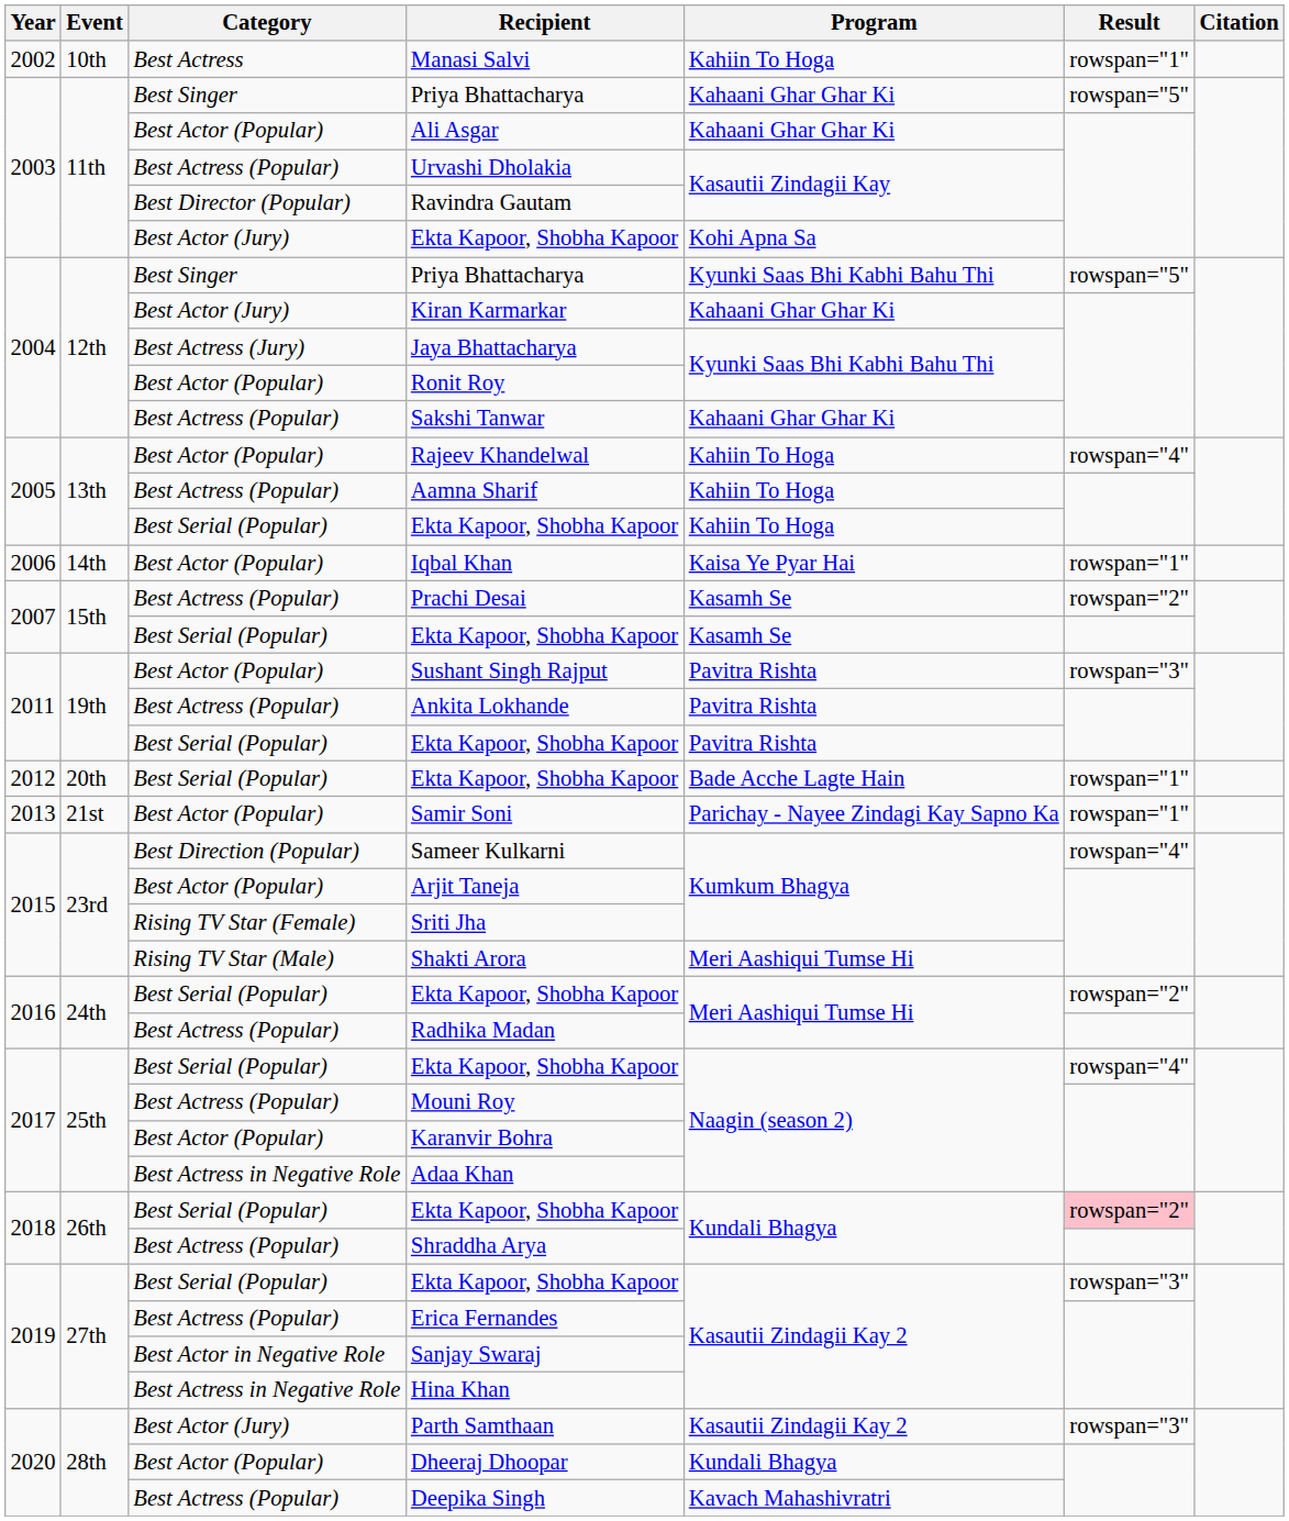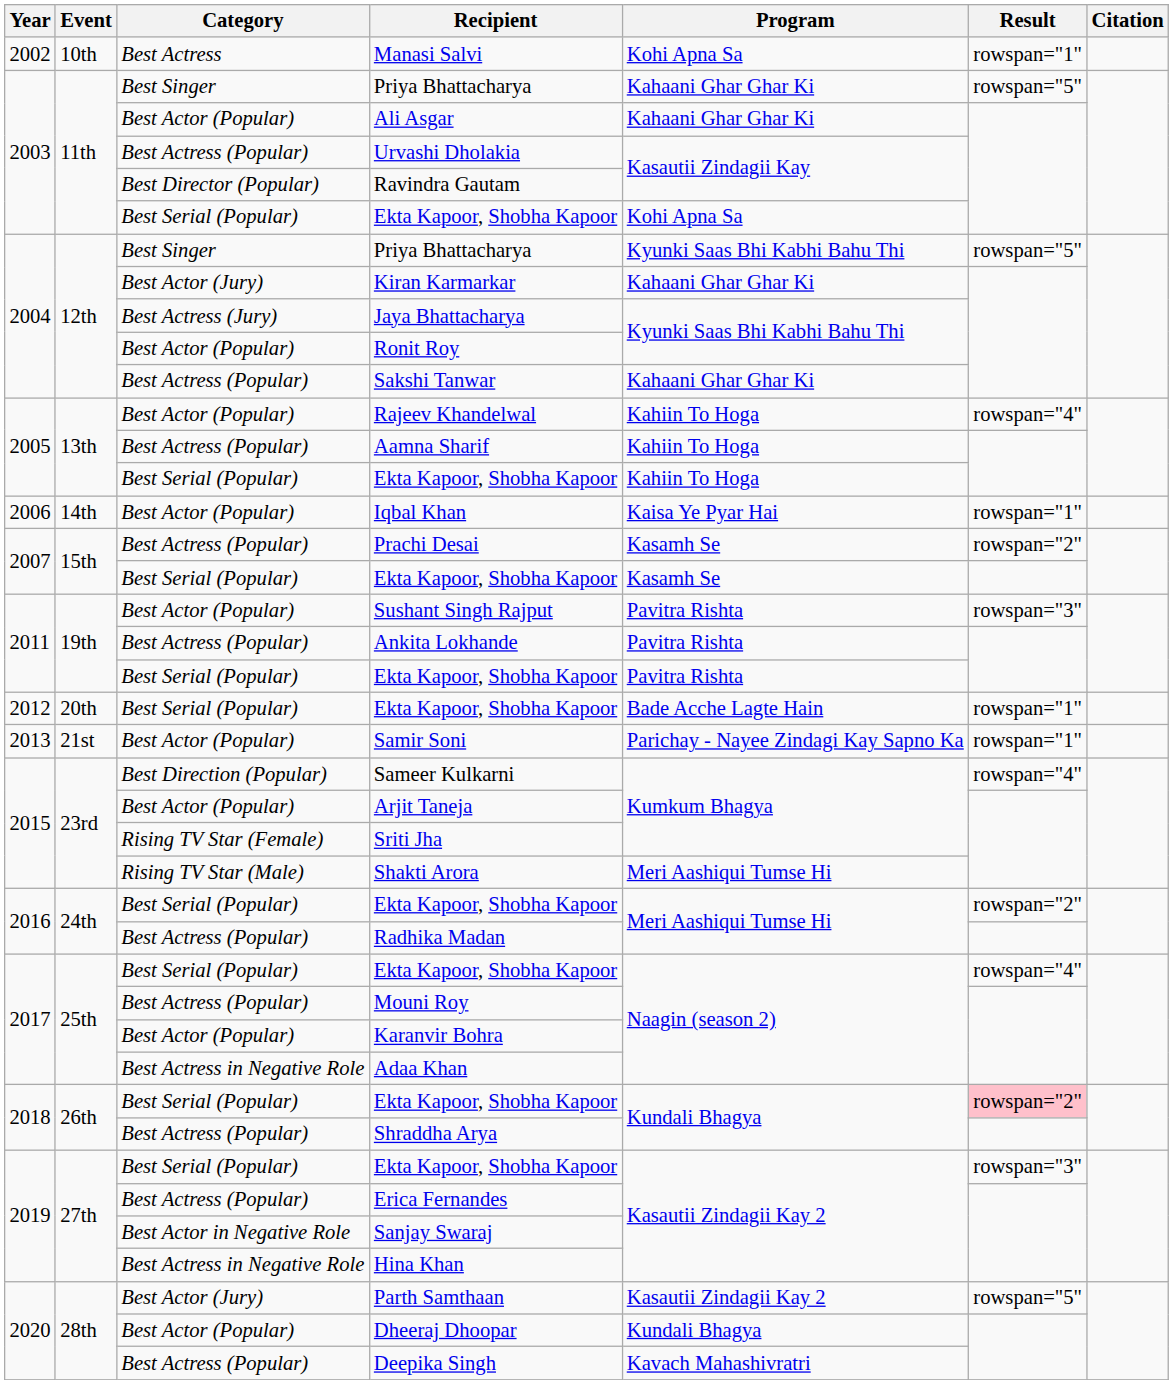 <table class="wikitable">
 <tr>
 <th>Year</th>
 <th>Event</th>
 <th>Category</th>
 <th>Recipient</th>
 <th>Program</th>
 <th>Result</th>
 <th>Citation</th>
 </tr>
 <tr>
 <td rowspan="1">2002</td>
 <td rowspan="1">10th</td>
 <td><em>Best Actress</em></td>
 <td><a href='#'>Manasi Salvi</a></td>
-<td><a href='#'>Kahiin To Hoga</a></td>
+<td><a href='#'>Kohi Apna Sa</a></td>
 <td>rowspan="1" </td>
 <td rowspan="1"></td>
 </tr>
 <tr>
 <td rowspan="5">2003</td>
 <td rowspan="5">11th</td>
 <td><em>Best Singer</em></td>
 <td>Priya Bhattacharya</td>
 <td><a href='#'>Kahaani Ghar Ghar Ki</a></td>
 <td>rowspan="5" </td>
 <td rowspan="5"></td>
 </tr>
 <tr>
 <td><em>Best Actor (Popular)</em></td>
 <td><a href='#'>Ali Asgar</a></td>
 <td><a href='#'>Kahaani Ghar Ghar Ki</a></td>
 </tr>
 <tr>
 <td><em>Best Actress (Popular)</em></td>
 <td><a href='#'>Urvashi Dholakia</a></td>
 <td rowspan="2"><a href='#'>Kasautii Zindagii Kay</a></td>
 </tr>
 <tr>
 <td><em>Best Director (Popular)</em></td>
 <td>Ravindra Gautam</td>
 </tr>
 <tr>
-<td><em>Best Actor (Jury)</em></td>
+<td><em>Best Serial (Popular)</em></td>
 <td><a href='#'>Ekta Kapoor</a>, <a href='#'>Shobha Kapoor</a></td>
 <td><a href='#'>Kohi Apna Sa</a></td>
 </tr>
 <tr>
 <td rowspan="5">2004</td>
 <td rowspan="5">12th</td>
 <td><em>Best Singer</em></td>
 <td>Priya Bhattacharya</td>
 <td><a href='#'>Kyunki Saas Bhi Kabhi Bahu Thi</a></td>
 <td>rowspan="5" </td>
 <td rowspan="5"></td>
 </tr>
 <tr>
 <td><em>Best Actor (Jury)</em></td>
 <td><a href='#'>Kiran Karmarkar</a></td>
 <td><a href='#'>Kahaani Ghar Ghar Ki</a></td>
 </tr>
 <tr>
 <td><em>Best Actress (Jury)</em></td>
 <td><a href='#'>Jaya Bhattacharya</a></td>
 <td rowspan="2"><a href='#'>Kyunki Saas Bhi Kabhi Bahu Thi</a></td>
 </tr>
 <tr>
 <td><em>Best Actor (Popular)</em></td>
 <td><a href='#'>Ronit Roy</a></td>
 </tr>
 <tr>
 <td><em>Best Actress (Popular)</em></td>
 <td><a href='#'>Sakshi Tanwar</a></td>
 <td><a href='#'>Kahaani Ghar Ghar Ki</a></td>
 </tr>
 <tr>
 <td rowspan="3">2005</td>
 <td rowspan="3">13th</td>
 <td><em>Best Actor (Popular)</em></td>
 <td><a href='#'>Rajeev Khandelwal</a></td>
 <td><a href='#'>Kahiin To Hoga</a></td>
 <td>rowspan="4" </td>
 <td rowspan="3"></td>
 </tr>
 <tr>
 <td><em>Best Actress (Popular)</em></td>
 <td><a href='#'>Aamna Sharif</a></td>
 <td><a href='#'>Kahiin To Hoga</a></td>
 </tr>
 <tr>
 <td><em>Best Serial (Popular)</em></td>
 <td><a href='#'>Ekta Kapoor</a>, <a href='#'>Shobha Kapoor</a></td>
 <td><a href='#'>Kahiin To Hoga</a></td>
 </tr>
 <tr>
 <td rowspan="1">2006</td>
 <td rowspan="1">14th</td>
 <td><em>Best Actor (Popular)</em></td>
 <td><a href='#'>Iqbal Khan</a></td>
 <td><a href='#'>Kaisa Ye Pyar Hai</a></td>
 <td>rowspan="1" </td>
 <td rowspan="1"></td>
 </tr>
 <tr>
 <td rowspan="2">2007</td>
 <td rowspan="2">15th</td>
 <td><em>Best Actress (Popular)</em></td>
 <td><a href='#'>Prachi Desai</a></td>
 <td><a href='#'>Kasamh Se</a></td>
 <td>rowspan="2" </td>
 <td rowspan="2"></td>
 </tr>
 <tr>
 <td><em>Best Serial (Popular)</em></td>
 <td><a href='#'>Ekta Kapoor</a>, <a href='#'>Shobha Kapoor</a></td>
 <td><a href='#'>Kasamh Se</a></td>
 </tr>
 <tr>
 <td rowspan="3">2011</td>
 <td rowspan="3">19th</td>
 <td><em>Best Actor (Popular)</em></td>
 <td><a href='#'>Sushant Singh Rajput</a></td>
 <td><a href='#'>Pavitra Rishta</a></td>
 <td>rowspan="3" </td>
 <td rowspan="3"></td>
 </tr>
 <tr>
 <td><em>Best Actress (Popular)</em></td>
 <td><a href='#'>Ankita Lokhande</a></td>
 <td><a href='#'>Pavitra Rishta</a></td>
 </tr>
 <tr>
 <td><em>Best Serial (Popular)</em></td>
 <td><a href='#'>Ekta Kapoor</a>, <a href='#'>Shobha Kapoor</a></td>
 <td><a href='#'>Pavitra Rishta</a></td>
 </tr>
 <tr>
 <td rowspan="1">2012</td>
 <td rowspan="1">20th</td>
 <td><em>Best Serial (Popular)</em></td>
 <td><a href='#'>Ekta Kapoor</a>, <a href='#'>Shobha Kapoor</a></td>
 <td><a href='#'>Bade Acche Lagte Hain</a></td>
 <td>rowspan="1" </td>
 <td rowspan="1"></td>
 </tr>
 <tr>
 <td rowspan="1">2013</td>
 <td rowspan="1">21st</td>
 <td><em>Best Actor (Popular)</em></td>
 <td><a href='#'>Samir Soni</a></td>
 <td><a href='#'>Parichay - Nayee Zindagi Kay Sapno Ka</a></td>
 <td>rowspan="1" </td>
 <td rowspan="1"></td>
 </tr>
 <tr>
 <td rowspan="4">2015</td>
 <td rowspan="4">23rd</td>
 <td><em>Best Direction (Popular)</em></td>
 <td>Sameer Kulkarni</td>
 <td rowspan="3"><a href='#'>Kumkum Bhagya</a></td>
 <td>rowspan="4" </td>
 <td rowspan="4"></td>
 </tr>
 <tr>
 <td><em>Best Actor (Popular)</em></td>
 <td><a href='#'>Arjit Taneja</a></td>
 </tr>
 <tr>
 <td><em>Rising TV Star (Female)</em></td>
 <td><a href='#'>Sriti Jha</a></td>
 </tr>
 <tr>
 <td><em>Rising TV Star (Male)</em></td>
 <td><a href='#'>Shakti Arora</a></td>
 <td><a href='#'>Meri Aashiqui Tumse Hi</a></td>
 </tr>
 <tr>
 <td rowspan="2">2016</td>
 <td rowspan="2">24th</td>
 <td><em>Best Serial (Popular)</em></td>
 <td><a href='#'>Ekta Kapoor</a>, <a href='#'>Shobha Kapoor</a></td>
 <td rowspan="2"><a href='#'>Meri Aashiqui Tumse Hi</a></td>
 <td>rowspan="2" </td>
 <td rowspan="2"></td>
 </tr>
 <tr>
 <td><em>Best Actress (Popular)</em></td>
 <td><a href='#'>Radhika Madan</a></td>
 </tr>
 <tr>
 <td rowspan="4">2017</td>
 <td rowspan="4">25th</td>
 <td><em>Best Serial (Popular)</em></td>
 <td><a href='#'>Ekta Kapoor</a>, <a href='#'>Shobha Kapoor</a></td>
 <td rowspan="4"><a href='#'>Naagin (season 2)</a></td>
 <td>rowspan="4" </td>
 <td rowspan="4"></td>
 </tr>
 <tr>
 <td><em>Best Actress (Popular)</em></td>
 <td><a href='#'>Mouni Roy</a></td>
 </tr>
 <tr>
 <td><em>Best Actor (Popular)</em></td>
 <td><a href='#'>Karanvir Bohra</a></td>
 </tr>
 <tr>
 <td><em>Best Actress in Negative Role</em></td>
 <td><a href='#'>Adaa Khan</a></td>
 </tr>
 <tr>
 <td rowspan="2">2018</td>
 <td rowspan="2">26th</td>
 <td><em>Best Serial (Popular)</em></td>
 <td><a href='#'>Ekta Kapoor</a>, <a href='#'>Shobha Kapoor</a></td>
 <td rowspan="2"><a href='#'>Kundali Bhagya</a></td>
 <td style="background: pink;">rowspan="2" </td>
 <td rowspan="2"></td>
 </tr>
 <tr>
 <td><em>Best Actress (Popular)</em></td>
 <td><a href='#'>Shraddha Arya</a></td>
 </tr>
 <tr>
 <td rowspan="4">2019</td>
 <td rowspan="4">27th</td>
 <td><em>Best Serial (Popular)</em></td>
 <td><a href='#'>Ekta Kapoor</a>, <a href='#'>Shobha Kapoor</a></td>
 <td rowspan="4"><a href='#'>Kasautii Zindagii Kay 2</a></td>
 <td>rowspan="3" </td>
 <td rowspan="4"></td>
 </tr>
 <tr>
 <td><em>Best Actress (Popular)</em></td>
 <td><a href='#'>Erica Fernandes</a></td>
 </tr>
 <tr>
 <td><em>Best Actor in Negative Role</em></td>
 <td><a href='#'>Sanjay Swaraj</a></td>
 </tr>
 <tr>
 <td><em>Best Actress in Negative Role</em></td>
 <td><a href='#'>Hina Khan</a></td>
 </tr>
 <tr>
 <td rowspan="3">2020</td>
 <td rowspan="3">28th</td>
 <td><em>Best Actor (Jury)</em></td>
 <td><a href='#'>Parth Samthaan</a></td>
 <td><a href='#'>Kasautii Zindagii Kay 2</a></td>
-<td>rowspan="3" </td>
+<td>rowspan="5" </td>
 <td rowspan="3"></td>
 </tr>
 <tr>
 <td><em>Best Actor (Popular)</em></td>
 <td><a href='#'>Dheeraj Dhoopar</a></td>
 <td><a href='#'>Kundali Bhagya</a></td>
 </tr>
 <tr>
 <td><em>Best Actress (Popular)</em></td>
 <td><a href='#'>Deepika Singh</a></td>
 <td><a href='#'>Kavach Mahashivratri</a></td>
 </tr>
 </table>
